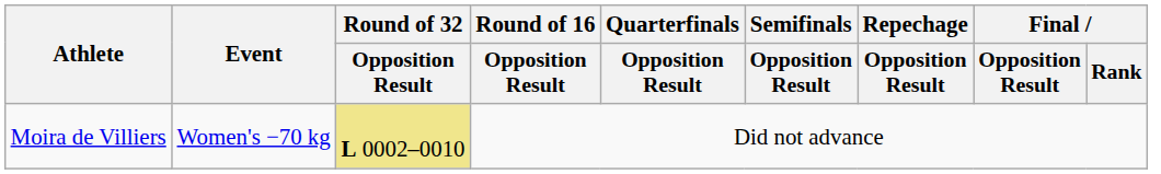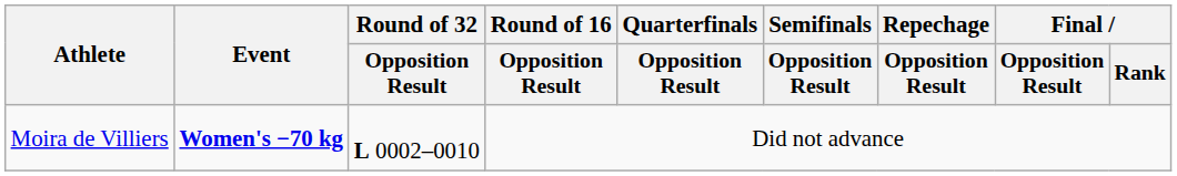 <table class="wikitable" style="font-size:90%">
 <tr>
 <th rowspan="2">Athlete</th>
 <th rowspan="2">Event</th>
 <th>Round of 32</th>
 <th>Round of 16</th>
 <th>Quarterfinals</th>
 <th>Semifinals</th>
 <th>Repechage</th>
 <th colspan=2>Final / </th>
 </tr>
 <tr style="font-size:95%">
 <th>Opposition<br>Result</th>
 <th>Opposition<br>Result</th>
 <th>Opposition<br>Result</th>
 <th>Opposition<br>Result</th>
 <th>Opposition<br>Result</th>
 <th>Opposition<br>Result</th>
 <th>Rank</th>
 </tr>
 <tr align=center>
 <td align=left><a href='#'>Moira de Villiers</a></td>
-<td align=left><a href='#'>Women's −70 kg</a></td>
-<td style="background: khaki;"><br><strong>L</strong> 0002–0010</td>
+<td align=left><strong><a href='#'>Women's −70 kg</a></strong></td>
+<td><br><strong>L</strong> 0002–0010</td>
 <td colspan=6>Did not advance</td>
 </tr>
 </table>
